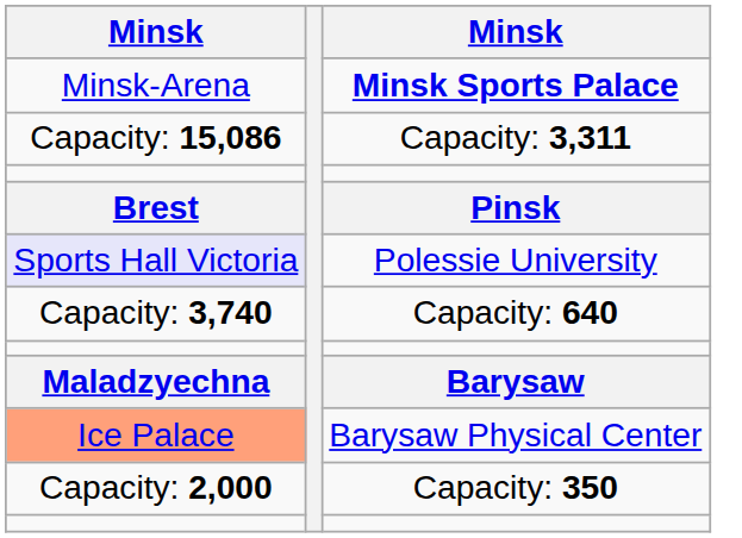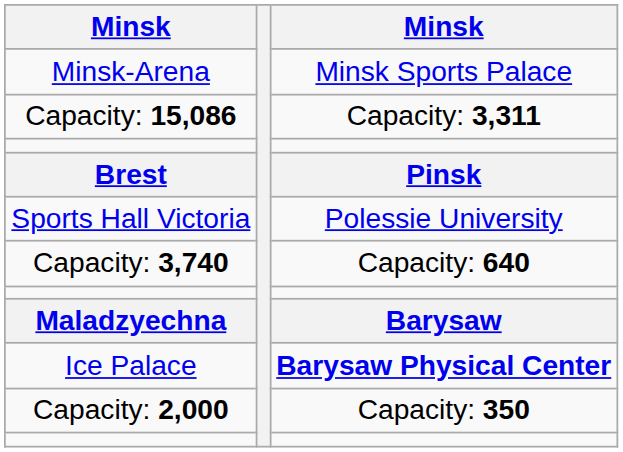 <table class="wikitable" style="text-align:center">
 <tr>
 <th><a href='#'>Minsk</a></th>
 <th rowspan=12></th>
 <th><a href='#'>Minsk</a></th>
 </tr>
 <tr>
 <td><a href='#'>Minsk-Arena</a></td>
-<td><strong><a href='#'>Minsk Sports Palace</a></strong></td>
+<td><a href='#'>Minsk Sports Palace</a></td>
 </tr>
 <tr>
 <td>Capacity: <strong>15,086</strong></td>
 <td>Capacity: <strong>3,311</strong></td>
 </tr>
 <tr>
 <td align="center"></td>
 <td align="center"></td>
 </tr>
 <tr>
 <th><a href='#'>Brest</a></th>
 <th><a href='#'>Pinsk</a></th>
 </tr>
 <tr>
-<td style="background: lavender;"><a href='#'>Sports Hall Victoria</a></td>
+<td><a href='#'>Sports Hall Victoria</a></td>
 <td><a href='#'>Polessie University</a></td>
 </tr>
 <tr>
 <td>Capacity: <strong>3,740</strong></td>
 <td>Capacity: <strong>640</strong></td>
 </tr>
 <tr>
 <td></td>
 <td></td>
 </tr>
 <tr>
 <th><a href='#'>Maladzyechna</a></th>
 <th><a href='#'>Barysaw</a></th>
 </tr>
 <tr>
-<td style="background: lightsalmon;"><a href='#'>Ice Palace</a></td>
-<td><a href='#'>Barysaw Physical Center</a></td>
+<td><a href='#'>Ice Palace</a></td>
+<td><strong><a href='#'>Barysaw Physical Center</a></strong></td>
 </tr>
 <tr>
 <td>Capacity: <strong>2,000</strong></td>
 <td>Capacity: <strong>350</strong></td>
 </tr>
 <tr>
 <td></td>
 <td></td>
 </tr>
 </table>
